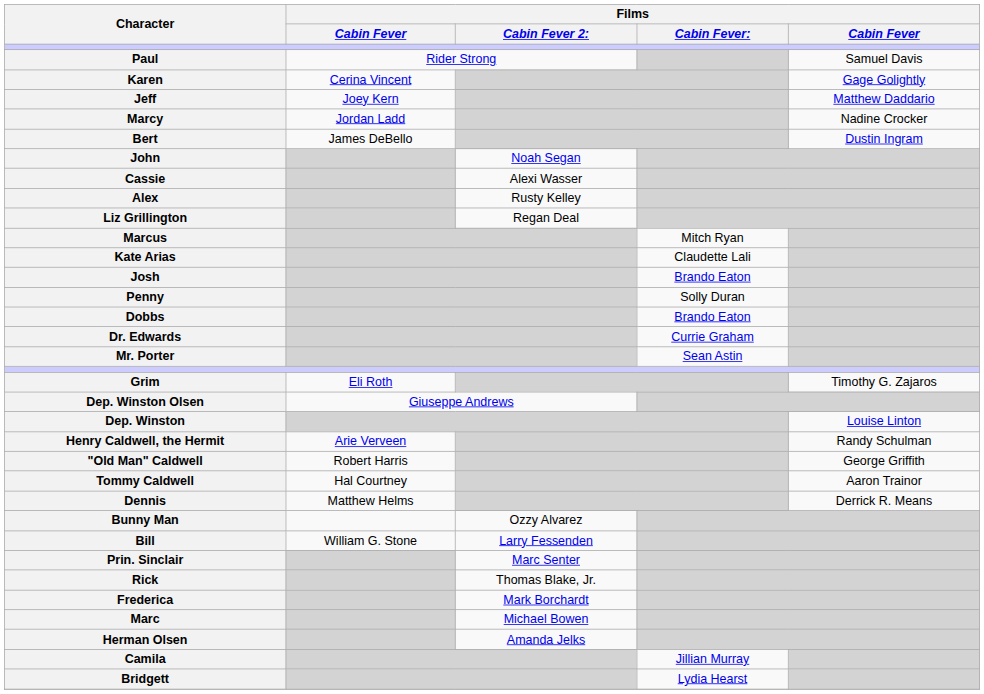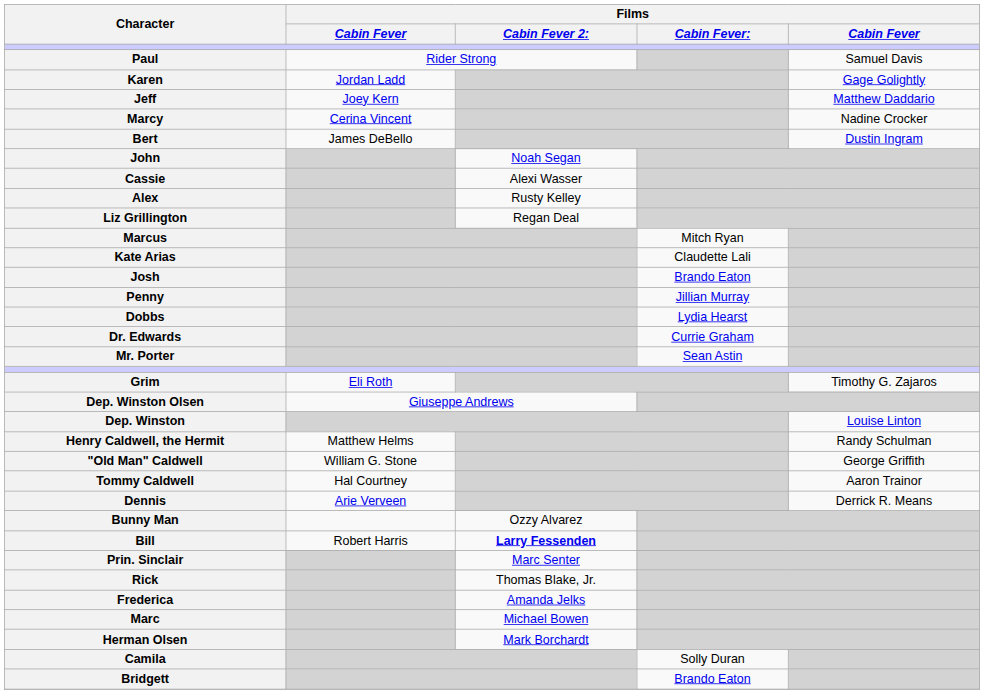 <table class="wikitable" style="text-align:center; width:99%;">
 <tr>
 <th rowspan="2">Character</th>
 <th colspan="5" style="text-align:center;">Films</th>
 </tr>
 <tr>
 <th style="text-align:center;"><em><a href='#'>Cabin Fever</a></em> <br></th>
 <th style="text-align:center;"><em><a href='#'>Cabin Fever 2: <br></a></em></th>
 <th style="text-align:center;"><em><a href='#'>Cabin Fever: <br></a></em></th>
 <th style="text-align:center;"><em><a href='#'>Cabin Fever</a></em> <br></th>
 </tr>
 <tr>
 <th style="background-color:#ccccff;" colspan="5"></th>
 </tr>
 <tr>
 <th>Paul</th>
 <td colspan="2"><a href='#'>Rider Strong</a></td>
 <td style="background:lightgrey;"> </td>
 <td>Samuel Davis</td>
 </tr>
 <tr>
 <th>Karen</th>
-<td><a href='#'>Cerina Vincent</a></td>
+<td><a href='#'>Jordan Ladd</a></td>
 <td colspan="2" style="background:lightgrey;"> </td>
 <td><a href='#'>Gage Golightly</a></td>
 </tr>
 <tr>
 <th>Jeff</th>
 <td><a href='#'>Joey Kern</a></td>
 <td colspan="2" style="background:lightgrey;"> </td>
 <td><a href='#'>Matthew Daddario</a></td>
 </tr>
 <tr>
 <th>Marcy</th>
-<td><a href='#'>Jordan Ladd</a></td>
+<td><a href='#'>Cerina Vincent</a></td>
 <td colspan="2" style="background:lightgrey;"> </td>
 <td>Nadine Crocker</td>
 </tr>
 <tr>
 <th>Bert</th>
 <td>James DeBello</td>
 <td colspan="2" style="background:lightgrey;"> </td>
 <td><a href='#'>Dustin Ingram</a></td>
 </tr>
 <tr>
 <th>John</th>
 <td style="background:lightgrey;"> </td>
 <td><a href='#'>Noah Segan</a></td>
 <td colspan="2" style="background:lightgrey;"> </td>
 </tr>
 <tr>
 <th>Cassie</th>
 <td style="background:lightgrey;"> </td>
 <td>Alexi Wasser</td>
 <td colspan="2" style="background:lightgrey;"> </td>
 </tr>
 <tr>
 <th>Alex</th>
 <td style="background:lightgrey;"> </td>
 <td>Rusty Kelley</td>
 <td colspan="2" style="background:lightgrey;"> </td>
 </tr>
 <tr>
 <th>Liz Grillington</th>
 <td style="background:lightgrey;"> </td>
 <td>Regan Deal</td>
 <td colspan="2" style="background:lightgrey;"> </td>
 </tr>
 <tr>
 <th>Marcus</th>
 <td colspan="2" style="background:lightgrey;"> </td>
 <td>Mitch Ryan</td>
 <td style="background:lightgrey;"> </td>
 </tr>
 <tr>
 <th>Kate Arias</th>
 <td colspan="2" style="background:lightgrey;"> </td>
 <td>Claudette Lali</td>
 <td style="background:lightgrey;"> </td>
 </tr>
 <tr>
 <th>Josh</th>
 <td colspan="2" style="background:lightgrey;"> </td>
 <td><a href='#'>Brando Eaton</a></td>
 <td style="background:lightgrey;"> </td>
 </tr>
 <tr>
 <th>Penny</th>
 <td colspan="2" style="background:lightgrey;"> </td>
-<td>Solly Duran</td>
+<td><a href='#'>Jillian Murray</a></td>
 <td style="background:lightgrey;"> </td>
 </tr>
 <tr>
 <th>Dobbs</th>
 <td colspan="2" style="background:lightgrey;"> </td>
-<td><a href='#'>Brando Eaton</a></td>
+<td><a href='#'>Lydia Hearst</a></td>
 <td style="background:lightgrey;"> </td>
 </tr>
 <tr>
 <th>Dr. Edwards</th>
 <td colspan="2" style="background:lightgrey;"> </td>
 <td><a href='#'>Currie Graham</a></td>
 <td style="background:lightgrey;"> </td>
 </tr>
 <tr>
 <th>Mr. Porter</th>
 <td colspan="2" style="background:lightgrey;"> </td>
 <td><a href='#'>Sean Astin</a></td>
 <td style="background:lightgrey;"> </td>
 </tr>
 <tr>
 <th style="background-color:#ccccff;" colspan="5"></th>
 </tr>
 <tr>
 <th>Grim</th>
 <td><a href='#'>Eli Roth</a><br></td>
 <td colspan="2" style="background:lightgrey;"> </td>
 <td>Timothy G. Zajaros <br></td>
 </tr>
 <tr>
 <th>Dep. Winston Olsen</th>
 <td colspan="2"><a href='#'>Giuseppe Andrews</a></td>
 <td colspan="2" style="background:lightgrey;"> </td>
 </tr>
 <tr>
 <th>Dep. Winston</th>
 <td colspan="3" style="background:lightgrey;"> </td>
 <td><a href='#'>Louise Linton</a></td>
 </tr>
 <tr>
 <th>Henry Caldwell, the Hermit</th>
-<td><a href='#'>Arie Verveen</a></td>
+<td>Matthew Helms</td>
 <td colspan="2" style="background:lightgrey;"> </td>
 <td>Randy Schulman</td>
 </tr>
 <tr>
 <th>"Old Man" Caldwell</th>
-<td>Robert Harris</td>
+<td>William G. Stone</td>
 <td colspan="2" style="background:lightgrey;"> </td>
 <td>George Griffith</td>
 </tr>
 <tr>
 <th>Tommy Caldwell</th>
 <td>Hal Courtney</td>
 <td colspan="2" style="background:lightgrey;"> </td>
 <td>Aaron Trainor</td>
 </tr>
 <tr>
 <th>Dennis</th>
-<td>Matthew Helms</td>
+<td><a href='#'>Arie Verveen</a></td>
 <td colspan="2" style="background:lightgrey;"> </td>
 <td>Derrick R. Means</td>
 </tr>
 <tr>
 <th>Bunny Man</th>
 <td></td>
 <td>Ozzy Alvarez</td>
 <td colspan="2" style="background:lightgrey;"> </td>
 </tr>
 <tr>
 <th>Bill</th>
-<td>William G. Stone</td>
-<td><a href='#'>Larry Fessenden</a></td>
+<td>Robert Harris</td>
+<td><strong><a href='#'>Larry Fessenden</a></strong></td>
 <td colspan="2" style="background:lightgrey;"> </td>
 </tr>
 <tr>
 <th>Prin. Sinclair</th>
 <td style="background:lightgrey;"> </td>
 <td><a href='#'>Marc Senter</a></td>
 <td colspan="2" style="background:lightgrey;"> </td>
 </tr>
 <tr>
 <th>Rick</th>
 <td style="background:lightgrey;"> </td>
 <td>Thomas Blake, Jr.</td>
 <td colspan="2" style="background:lightgrey;"> </td>
 </tr>
 <tr>
 <th>Frederica</th>
 <td style="background:lightgrey;"> </td>
-<td><a href='#'>Mark Borchardt</a></td>
+<td><a href='#'>Amanda Jelks</a></td>
 <td colspan="2" style="background:lightgrey;"> </td>
 </tr>
 <tr>
 <th>Marc</th>
 <td style="background:lightgrey;"> </td>
 <td><a href='#'>Michael Bowen</a></td>
 <td colspan="2" style="background:lightgrey;"> </td>
 </tr>
 <tr>
 <th>Herman Olsen</th>
 <td style="background:lightgrey;"> </td>
-<td><a href='#'>Amanda Jelks</a></td>
+<td><a href='#'>Mark Borchardt</a></td>
 <td colspan="2" style="background:lightgrey;"> </td>
 </tr>
 <tr>
 <th>Camila</th>
 <td colspan="2" style="background:lightgrey;"> </td>
-<td><a href='#'>Jillian Murray</a></td>
+<td>Solly Duran</td>
 <td style="background:lightgrey;"> </td>
 </tr>
 <tr>
 <th>Bridgett</th>
 <td colspan="2" style="background:lightgrey;"> </td>
-<td><a href='#'>Lydia Hearst</a></td>
+<td><a href='#'>Brando Eaton</a></td>
 <td style="background:lightgrey;"> </td>
 </tr>
 <tr>
 </tr>
 </table>
